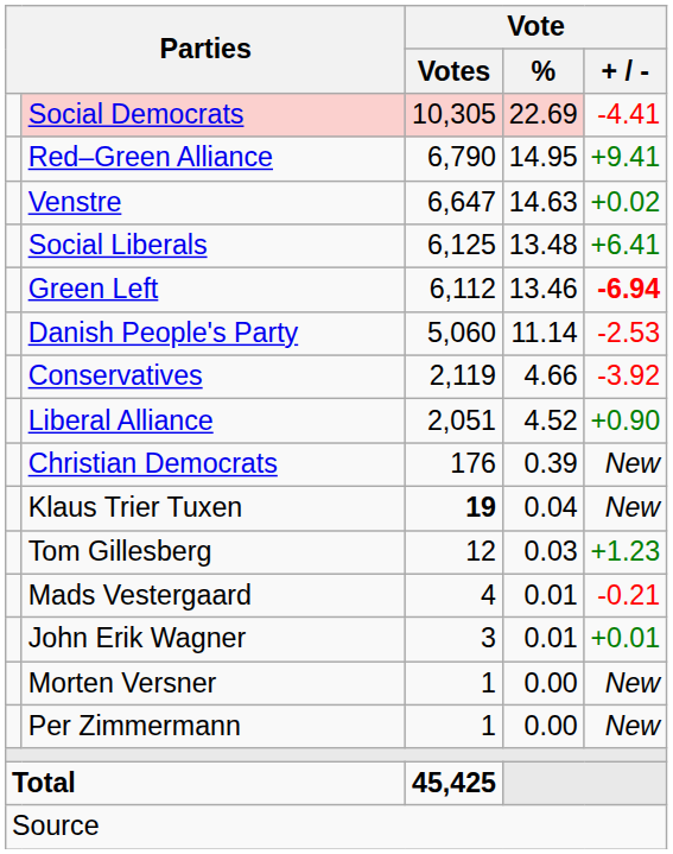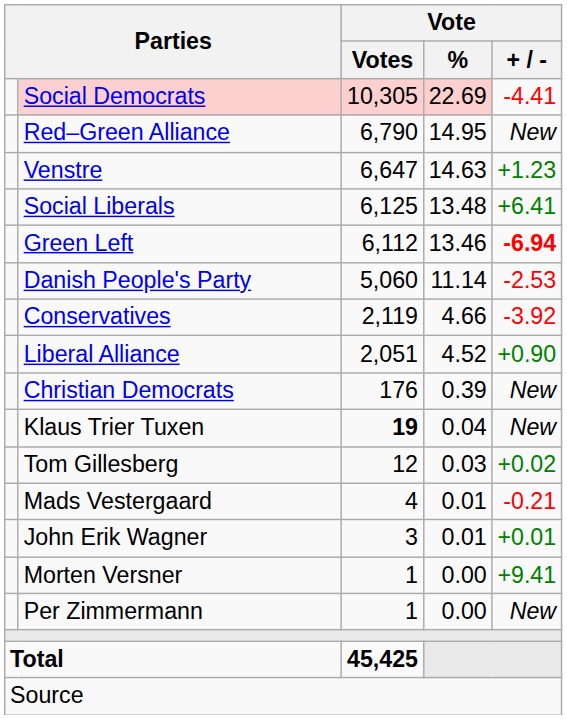 <table class="wikitable" style="text-align:right;">
 <tr>
 <th style="text-align:centre;" rowspan="2" colspan="2" width="225">Parties</th>
 <th colspan="3">Vote</th>
 </tr>
 <tr>
 <th width="15">Votes</th>
 <th width="15">%</th>
 <th width="15">+ / -</th>
 </tr>
 <tr>
 <td width="2" style="color:inherit;background:"></td>
 <td bgcolor=#fbd0ce  align="left"><a href='#'>Social Democrats</a></td>
 <td bgcolor=#fbd0ce>10,305</td>
 <td bgcolor=#fbd0ce>22.69</td>
 <td style=color:red;>-4.41</td>
 </tr>
 <tr>
 <td width="2" style="color:inherit;background:"></td>
 <td align="left"><a href='#'>Red–Green Alliance</a></td>
 <td>6,790</td>
 <td>14.95</td>
-<td style=color:green;>+9.41</td>
+<td><em>New</em></td>
 </tr>
 <tr>
 <td width="2" style="color:inherit;background:"></td>
 <td align="left"><a href='#'>Venstre</a></td>
 <td>6,647</td>
 <td>14.63</td>
-<td style=color:green;>+0.02</td>
+<td style=color:green;>+1.23</td>
 </tr>
 <tr>
 <td width="2" style="color:inherit;background:"></td>
 <td align="left"><a href='#'>Social Liberals</a></td>
 <td>6,125</td>
 <td>13.48</td>
 <td style=color:green;>+6.41</td>
 </tr>
 <tr>
 <td width="2" style="color:inherit;background:"></td>
 <td align="left"><a href='#'>Green Left</a></td>
 <td>6,112</td>
 <td>13.46</td>
 <td style=color:red;><strong>-6.94</strong></td>
 </tr>
 <tr>
 <td width="2" style="color:inherit;background:"></td>
 <td align="left"><a href='#'>Danish People's Party</a></td>
 <td>5,060</td>
 <td>11.14</td>
 <td style=color:red;>-2.53</td>
 </tr>
 <tr>
 <td width="2" style="color:inherit;background:"></td>
 <td align="left"><a href='#'>Conservatives</a></td>
 <td>2,119</td>
 <td>4.66</td>
 <td style=color:red;>-3.92</td>
 </tr>
 <tr>
 <td width="2" style="color:inherit;background:"></td>
 <td align="left"><a href='#'>Liberal Alliance</a></td>
 <td>2,051</td>
 <td>4.52</td>
 <td style=color:green;>+0.90</td>
 </tr>
 <tr>
 <td width="2" style="color:inherit;background:"></td>
 <td align="left"><a href='#'>Christian Democrats</a></td>
 <td>176</td>
 <td>0.39</td>
 <td><em>New</em></td>
 </tr>
 <tr>
 <td width="2" style="color:inherit;background:"></td>
 <td align="left">Klaus Trier Tuxen</td>
 <td><strong>19</strong></td>
 <td>0.04</td>
 <td><em>New</em></td>
 </tr>
 <tr>
 <td width="2" style="color:inherit;background:"></td>
 <td align="left">Tom Gillesberg</td>
 <td>12</td>
 <td>0.03</td>
-<td style=color:green;>+1.23</td>
+<td style=color:green;>+0.02</td>
 </tr>
 <tr>
 <td width="2" style="color:inherit;background:"></td>
 <td align="left">Mads Vestergaard</td>
 <td>4</td>
 <td>0.01</td>
 <td style=color:red;>-0.21</td>
 </tr>
 <tr>
 <td width="2" style="color:inherit;background:"></td>
 <td align="left">John Erik Wagner</td>
 <td>3</td>
 <td>0.01</td>
 <td style=color:green;>+0.01</td>
 </tr>
 <tr>
 <td width="2" style="color:inherit;background:"></td>
 <td align="left">Morten Versner</td>
 <td>1</td>
 <td>0.00</td>
-<td><em>New</em></td>
+<td style=color:green;>+9.41</td>
 </tr>
 <tr>
 <td width="2" style="color:inherit;background:"></td>
 <td align="left">Per Zimmermann</td>
 <td>1</td>
 <td>0.00</td>
 <td><em>New</em></td>
 </tr>
 <tr>
 <td colspan="7" bgcolor="#E9E9E9"></td>
 </tr>
 <tr>
 <td align="left" colspan="2"><strong>Total</strong></td>
 <td><strong>45,425</strong></td>
 <td bgcolor="#E9E9E9" colspan="2"></td>
 </tr>
 <tr>
 <td align="left" colspan="6">Source</td>
 </tr>
 </table>
